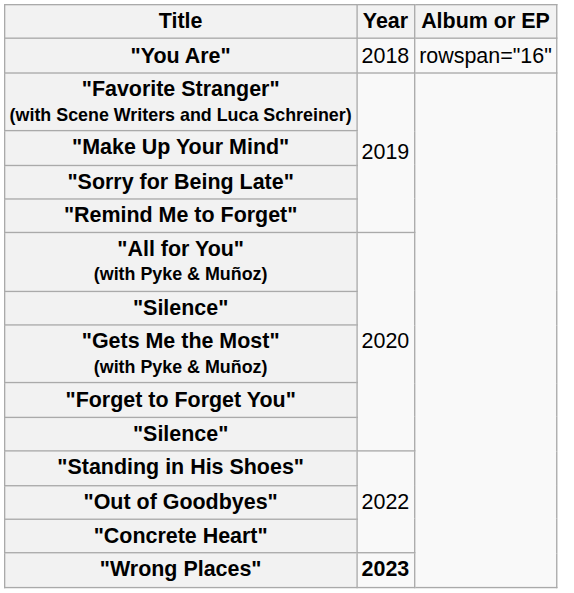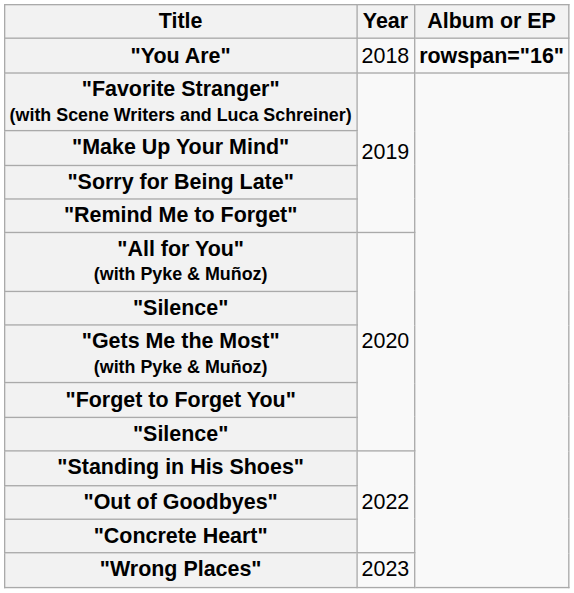 <table class="wikitable plainrowheaders" style="text-align:center;">
 <tr>
 <th scope="col">Title</th>
 <th scope="col">Year</th>
 <th scope="col">Album or EP</th>
 </tr>
 <tr>
 <th scope="row">"You Are"</th>
 <td>2018</td>
-<td>rowspan="16" </td>
+<td><strong>rowspan="16" </strong></td>
 </tr>
 <tr>
 <th scope="row">"Favorite Stranger"<br><small>(with Scene Writers and Luca Schreiner)</small></th>
 <td rowspan="4">2019</td>
 </tr>
 <tr>
 <th scope="row">"Make Up Your Mind"</th>
 </tr>
 <tr>
 <th scope="row">"Sorry for Being Late"</th>
 </tr>
 <tr>
 <th scope="row">"Remind Me to Forget"</th>
 </tr>
 <tr>
 <th scope="row">"All for You"<br><small>(with Pyke & Muñoz)</small></th>
 <td rowspan="5">2020</td>
 </tr>
 <tr>
 <th scope="row">"Silence"</th>
 </tr>
 <tr>
 <th scope="row">"Gets Me the Most"<br><small>(with Pyke & Muñoz)</small></th>
 </tr>
 <tr>
 <th scope="row">"Forget to Forget You"</th>
 </tr>
 <tr>
 <th scope="row">"Silence"</th>
 </tr>
 <tr>
 <th scope="row">"Standing in His Shoes"</th>
 <td rowspan="3">2022</td>
 </tr>
 <tr>
 <th scope="row">"Out of Goodbyes"</th>
 </tr>
 <tr>
 <th scope="row">"Concrete Heart"</th>
 </tr>
 <tr>
 <th scope="row">"Wrong Places"</th>
-<td><strong>2023</strong></td>
+<td>2023</td>
 </tr>
 </table>
